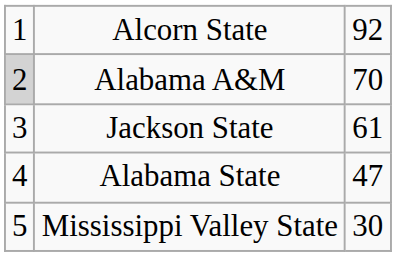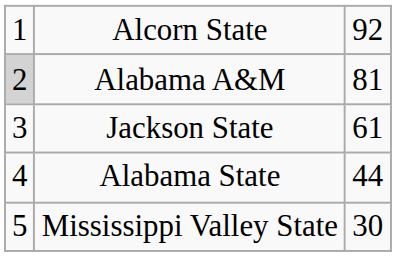 <table class="wikitable" style="display: inline-table;">
 <tr align="center">
 <td>1</td>
 <td>Alcorn State</td>
 <td>92</td>
 </tr>
 <tr align="center">
 <td style="background: lightgrey;">2</td>
 <td>Alabama A&M</td>
-<td>70</td>
+<td>81</td>
 </tr>
 <tr align="center">
 <td>3</td>
 <td>Jackson State</td>
 <td>61</td>
 </tr>
 <tr align="center">
 <td>4</td>
 <td>Alabama State</td>
-<td>47</td>
+<td>44</td>
 </tr>
 <tr align="center">
 <td>5</td>
 <td>Mississippi Valley State</td>
 <td>30</td>
 </tr>
 </table>
